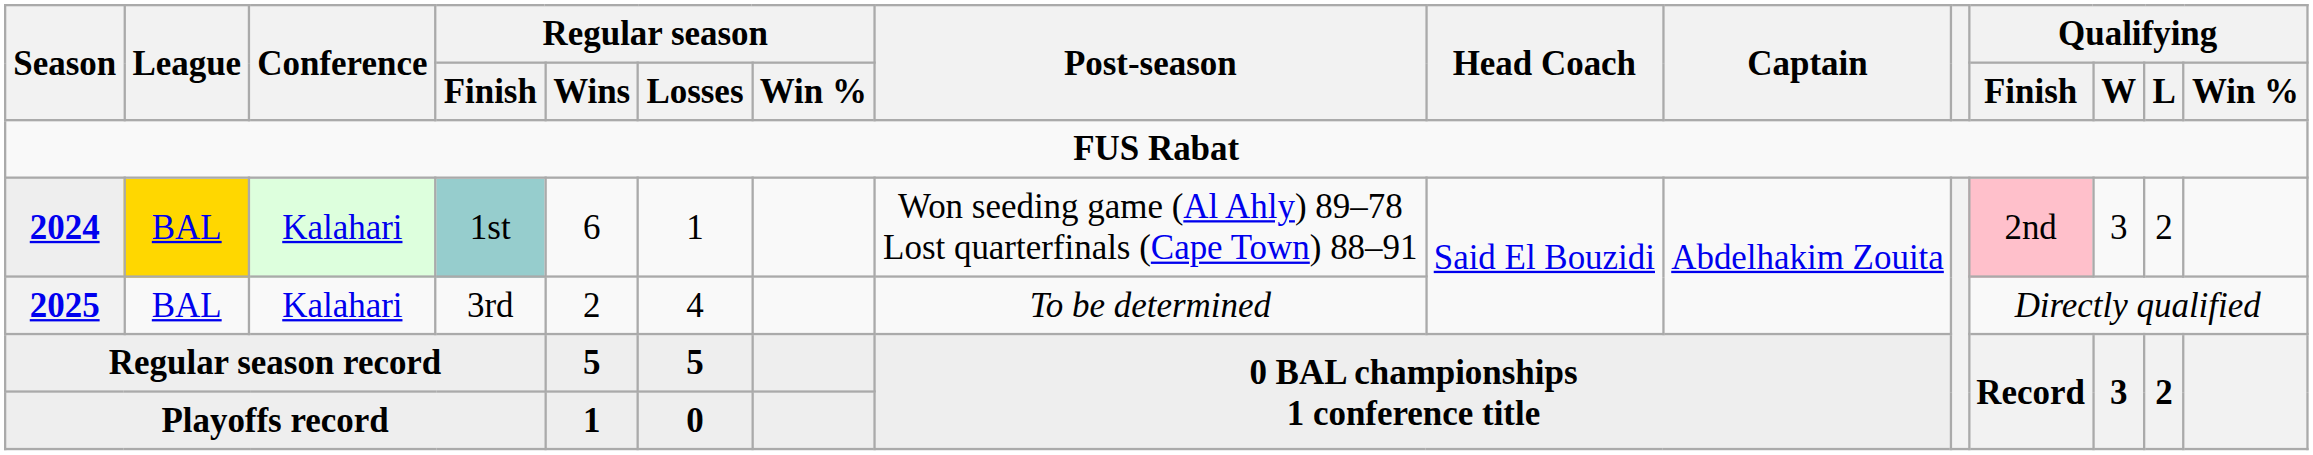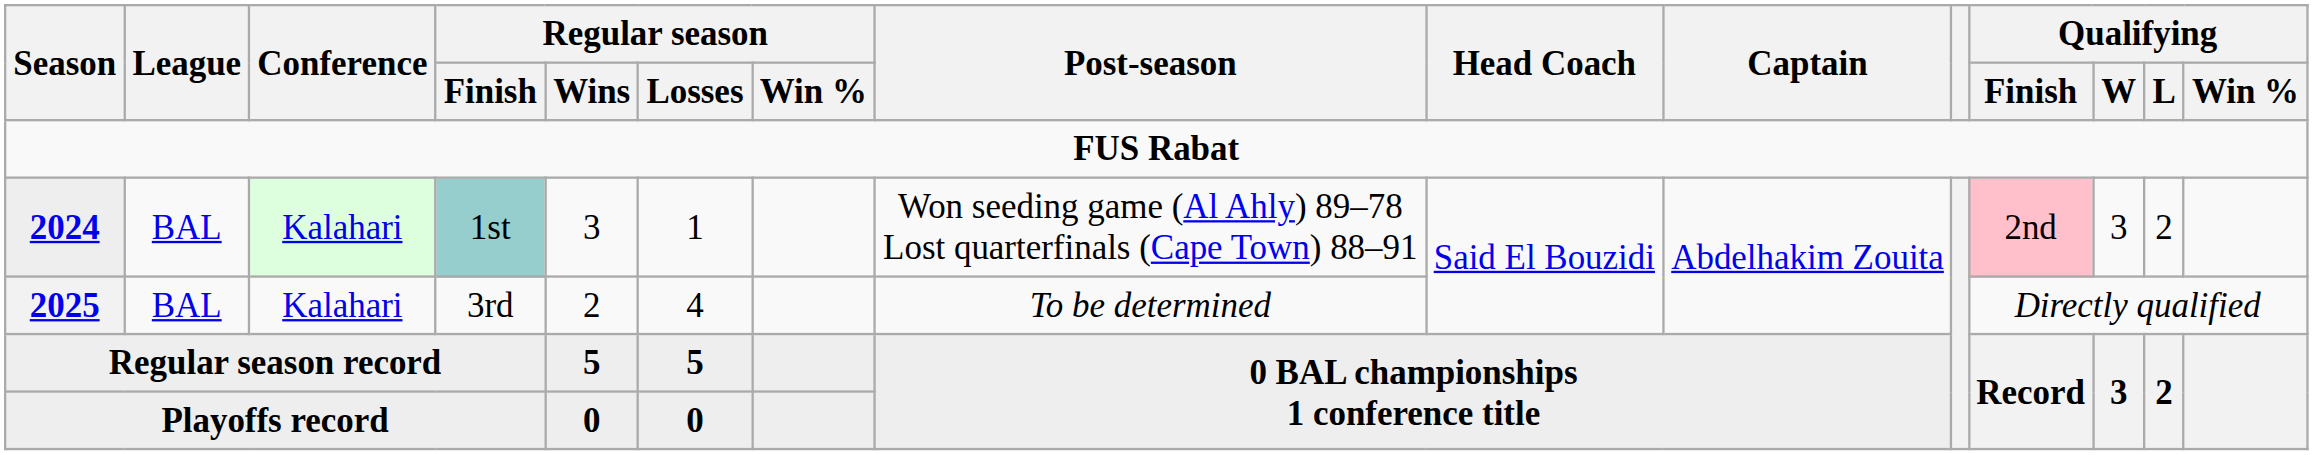 <table class="wikitable" style="font-size:95%; text-align:center">
 <tr>
 <th rowspan="2">Season</th>
 <th rowspan="2">League</th>
 <th rowspan="2">Conference</th>
 <th colspan="4">Regular season</th>
 <th rowspan="2">Post-season</th>
 <th rowspan="2">Head Coach</th>
 <th rowspan="2">Captain</th>
 <th rowspan="2"></th>
 <th colspan="4">Qualifying</th>
 </tr>
 <tr>
 <th>Finish</th>
 <th>Wins</th>
 <th>Losses</th>
 <th>Win %</th>
 <th>Finish</th>
 <th>W</th>
 <th>L</th>
 <th>Win %</th>
 </tr>
 <tr>
 <td colspan="15" align="center"><strong>FUS Rabat</strong></td>
 </tr>
 <tr>
 <th style="background:#eee;"><a href='#'>2024</a></th>
-<td style="background: gold; text-align:center;"><a href='#'>BAL</a></td>
+<td style="text-align:center;"><a href='#'>BAL</a></td>
 <td bgcolor="#DDFFDD"><a href='#'>Kalahari</a></td>
 <td style="text-align:center; background-color:#96CDCD;">1st</td>
-<td style="text-align:center;">6</td>
+<td style="text-align:center;">3</td>
 <td style="text-align:center;">1</td>
 <td style="text-align:center;"></td>
 <td style="text-align:center;background-color: ;">Won seeding game (<a href='#'>Al Ahly</a>) 89–78<br>Lost quarterfinals (<a href='#'>Cape Town</a>) 88–91</td>
 <td rowspan="2"><a href='#'>Said El Bouzidi</a></td>
 <td rowspan="2"><a href='#'>Abdelhakim Zouita</a></td>
 <th rowspan="4"></th>
 <td style="background: pink;">2nd</td>
 <td>3</td>
 <td>2</td>
 <td></td>
 </tr>
 <tr>
 <th><a href='#'>2025</a></th>
 <td><a href='#'>BAL</a></td>
 <td><a href='#'>Kalahari</a></td>
 <td>3rd</td>
 <td>2</td>
 <td>4</td>
 <td></td>
 <td><em>To be determined</em></td>
 <td colspan="4"><em>Directly qualified</em></td>
 </tr>
 <tr>
 <th colspan="4" style="background:#eee;">Regular season record</th>
 <td style="background:#eee;"><strong>5</strong></td>
 <td style="background:#eee;"><strong>5</strong></td>
 <td style="background:#eee;"><strong></strong></td>
 <td colspan="3" rowspan="2" style="background:#eee;"><strong>0 BAL championships</strong><br><strong>1 conference title</strong></td>
 <th rowspan="2">Record</th>
 <th rowspan="2">3</th>
 <th rowspan="2">2</th>
 <th rowspan="2"></th>
 </tr>
 <tr>
 <th colspan="4" style="background:#eee;">Playoffs record</th>
-<td style="background:#eee;"><strong>1</strong></td>
+<td style="background:#eee;"><strong>0</strong></td>
 <td style="background:#eee;"><strong>0</strong></td>
 <td style="background:#eee;"><strong></strong></td>
 </tr>
 </table>
